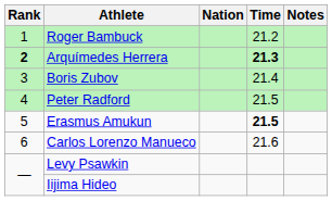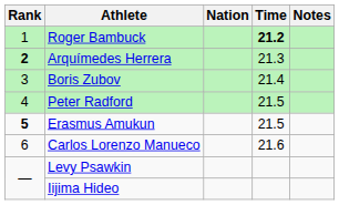 <table class="wikitable sortable" style="text-align:center">
 <tr>
 <th>Rank</th>
 <th>Athlete</th>
 <th>Nation</th>
 <th>Time</th>
 <th>Notes</th>
 </tr>
 <tr bgcolor=bbf3bb>
 <td>1</td>
 <td align=left><a href='#'>Roger Bambuck</a></td>
 <td align=left></td>
-<td>21.2</td>
+<td><strong>21.2</strong></td>
 <td></td>
 </tr>
 <tr bgcolor=bbf3bb>
 <td><strong>2</strong></td>
 <td align=left><a href='#'>Arquímedes Herrera</a></td>
 <td align=left></td>
-<td><strong>21.3</strong></td>
+<td>21.3</td>
 <td></td>
 </tr>
 <tr bgcolor=bbf3bb>
 <td>3</td>
 <td align=left><a href='#'>Boris Zubov</a></td>
 <td align=left></td>
 <td>21.4</td>
 <td></td>
 </tr>
 <tr bgcolor=bbf3bb>
 <td>4</td>
 <td align=left><a href='#'>Peter Radford</a></td>
 <td align=left></td>
 <td>21.5</td>
 <td></td>
 </tr>
 <tr>
-<td>5</td>
+<td><strong>5</strong></td>
 <td align=left><a href='#'>Erasmus Amukun</a></td>
 <td align=left></td>
-<td><strong>21.5</strong></td>
+<td>21.5</td>
 <td></td>
 </tr>
 <tr>
 <td>6</td>
 <td align=left><a href='#'>Carlos Lorenzo Manueco</a></td>
 <td align=left></td>
 <td>21.6</td>
 <td></td>
 </tr>
 <tr>
 <td rowspan=2 data-sort-value=7>—</td>
 <td align=left><a href='#'>Levy Psawkin</a></td>
 <td align=left></td>
 <td data-sort-value=99.9></td>
 <td></td>
 </tr>
 <tr>
 <td align=left><a href='#'>Iijima Hideo</a></td>
 <td align=left></td>
 <td data-sort-value=99.9></td>
 <td></td>
 </tr>
 </table>
